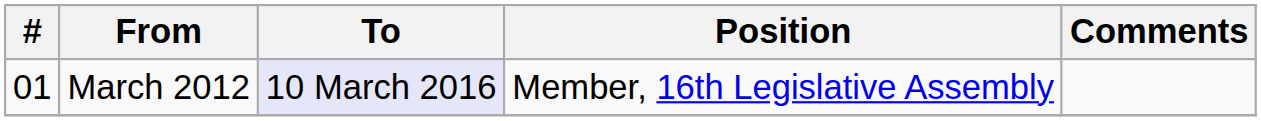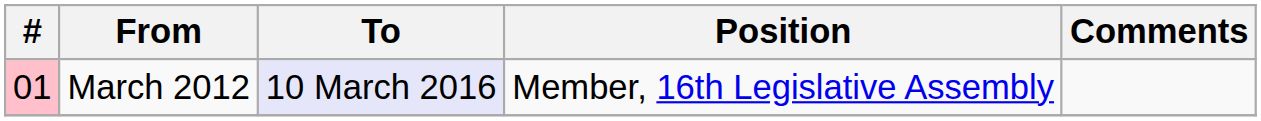 <table class="wikitable sortable">
 <tr>
 <th>#</th>
 <th>From</th>
 <th>To</th>
 <th>Position</th>
 <th>Comments</th>
 </tr>
 <tr>
-<td>01</td>
+<td style="background: pink;">01</td>
 <td>March 2012</td>
 <td style="background: lavender;">10 March 2016</td>
 <td>Member, <a href='#'>16th Legislative Assembly</a></td>
 <td></td>
 </tr>
 <tr>
 </tr>
 </table>
